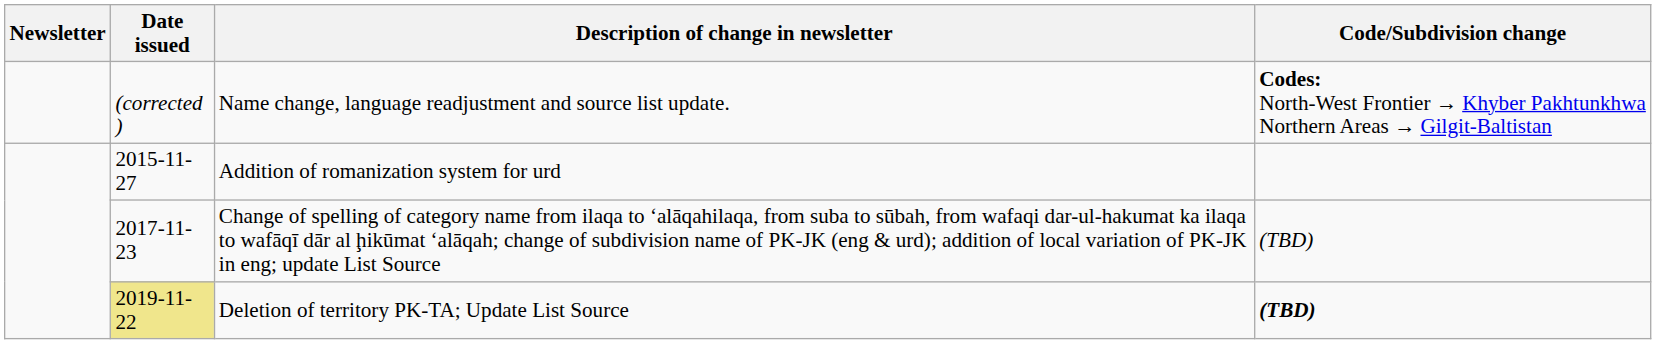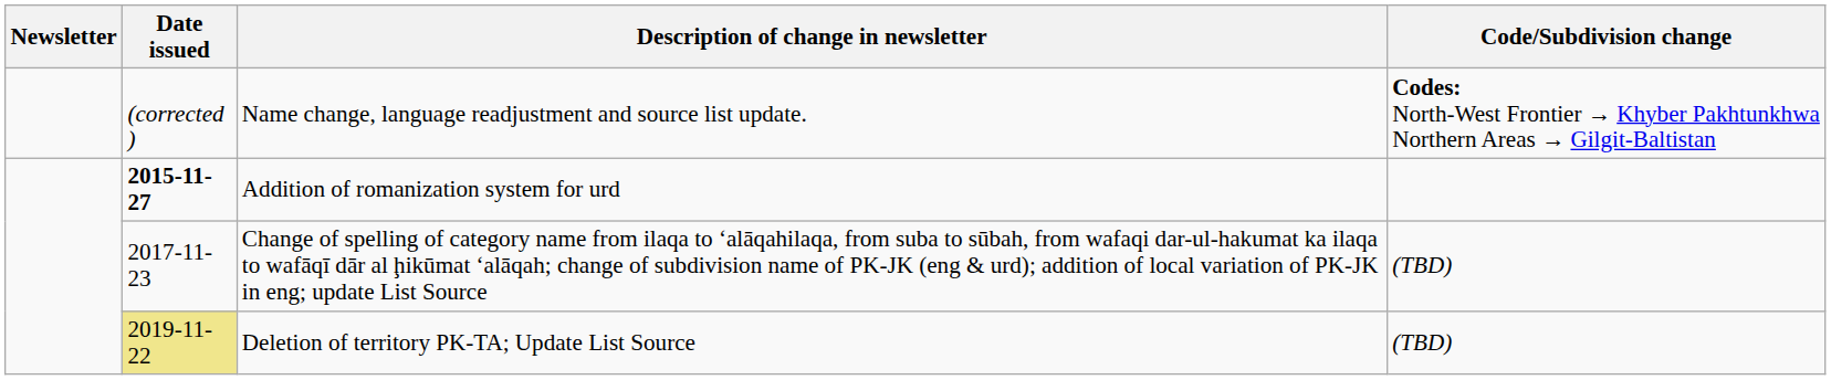 <table class="wikitable">
 <tr>
 <th>Newsletter</th>
 <th>Date issued</th>
 <th>Description of change in newsletter</th>
 <th>Code/Subdivision change</th>
 </tr>
 <tr>
 <td id="II-3"></td>
 <td><br> <em>(corrected<br> )</em></td>
 <td>Name change, language readjustment and source list update.</td>
 <td style=white-space:nowrap><strong>Codes:</strong><br>  North-West Frontier →  <a href='#'>Khyber Pakhtunkhwa</a><br>  Northern Areas →  <a href='#'>Gilgit-Baltistan</a></td>
 </tr>
 <tr>
 <td rowspan="3"></td>
-<td>2015-11-27</td>
+<td><strong>2015-11-27</strong></td>
 <td>Addition of romanization system for urd</td>
 <td></td>
 </tr>
 <tr>
 <td>2017-11-23</td>
 <td>Change of spelling of category name from ilaqa to ‘alāqahilaqa, from suba to sūbah, from wafaqi dar-ul-hakumat ka ilaqa to wafāqī dār al ḩikūmat ‘alāqah; change of subdivision name of PK-JK (eng & urd); addition of local variation of PK-JK in eng; update List Source</td>
 <td><em>(TBD)</em></td>
 </tr>
 <tr>
 <td style="background: khaki;">2019-11-22</td>
 <td>Deletion of territory PK-TA; Update List Source</td>
-<td><strong><em>(TBD)</em></strong></td>
+<td><em>(TBD)</em></td>
 </tr>
 </table>
